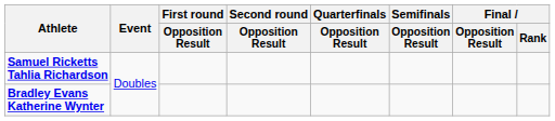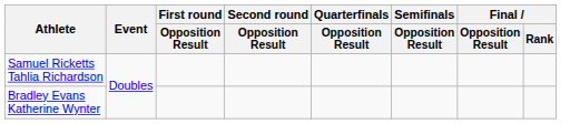 <table class=wikitable style=font-size:90%;text-align:center>
 <tr>
 <th rowspan=2>Athlete</th>
 <th rowspan=2>Event</th>
 <th>First round</th>
 <th>Second round</th>
 <th>Quarterfinals</th>
 <th>Semifinals</th>
 <th colspan=2>Final / </th>
 </tr>
 <tr style=font-size:95%>
 <th>Opposition<br>Result</th>
 <th>Opposition<br>Result</th>
 <th>Opposition<br>Result</th>
 <th>Opposition<br>Result</th>
 <th>Opposition<br>Result</th>
 <th>Rank</th>
 </tr>
 <tr>
-<td align=left><strong><a href='#'>Samuel Ricketts</a><br><a href='#'>Tahlia Richardson</a></strong></td>
+<td align=left><a href='#'>Samuel Ricketts</a><br><a href='#'>Tahlia Richardson</a></td>
 <td align=left rowspan=2><a href='#'>Doubles</a></td>
 <td></td>
 <td></td>
 <td></td>
 <td></td>
 <td></td>
 <td></td>
 </tr>
 <tr>
-<td align=left><strong><a href='#'>Bradley Evans</a><br><a href='#'>Katherine Wynter</a></strong></td>
+<td align=left><a href='#'>Bradley Evans</a><br><a href='#'>Katherine Wynter</a></td>
 <td><br></td>
 <td></td>
 <td></td>
 <td></td>
 <td></td>
 <td></td>
 </tr>
 </table>
